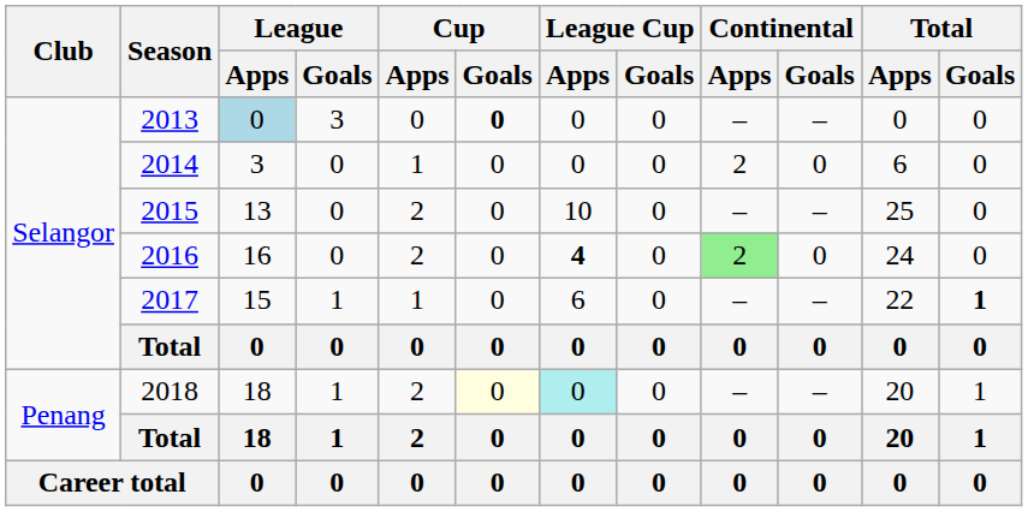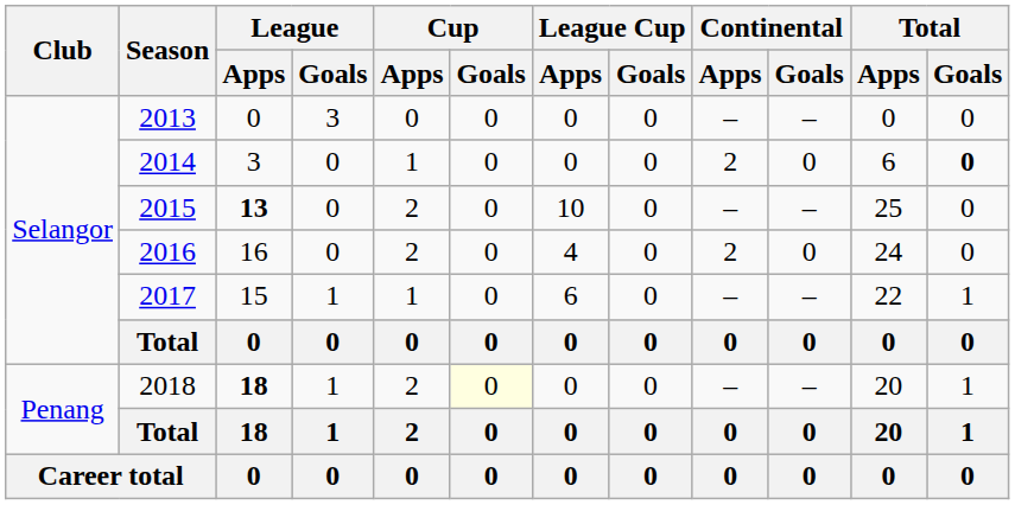 <table class="wikitable" style="text-align: center;">
 <tr>
 <th rowspan="2">Club</th>
 <th rowspan="2">Season</th>
 <th colspan="2">League</th>
 <th colspan="2">Cup</th>
 <th colspan="2">League Cup</th>
 <th colspan="2">Continental</th>
 <th colspan="2">Total</th>
 </tr>
 <tr>
 <th>Apps</th>
 <th>Goals</th>
 <th>Apps</th>
 <th>Goals</th>
 <th>Apps</th>
 <th>Goals</th>
 <th>Apps</th>
 <th>Goals</th>
 <th>Apps</th>
 <th>Goals</th>
 </tr>
 <tr>
 <td rowspan="6" valign="center"><a href='#'>Selangor</a></td>
 <td><a href='#'>2013</a></td>
-<td style="background: lightblue;">0</td>
+<td>0</td>
 <td>3</td>
 <td>0</td>
-<td><strong>0</strong></td>
+<td>0</td>
 <td>0</td>
 <td>0</td>
 <td>–</td>
 <td>–</td>
 <td>0</td>
 <td>0</td>
 </tr>
 <tr>
 <td><a href='#'>2014</a></td>
 <td>3</td>
 <td>0</td>
 <td>1</td>
 <td>0</td>
 <td>0</td>
 <td>0</td>
 <td>2</td>
 <td>0</td>
 <td>6</td>
-<td>0</td>
+<td><strong>0</strong></td>
 </tr>
 <tr>
 <td><a href='#'>2015</a></td>
-<td>13</td>
+<td><strong>13</strong></td>
 <td>0</td>
 <td>2</td>
 <td>0</td>
 <td>10</td>
 <td>0</td>
 <td>–</td>
 <td>–</td>
 <td>25</td>
 <td>0</td>
 </tr>
 <tr>
 <td><a href='#'>2016</a></td>
 <td>16</td>
 <td>0</td>
 <td>2</td>
 <td>0</td>
-<td><strong>4</strong></td>
+<td>4</td>
 <td>0</td>
-<td style="background: lightgreen;">2</td>
+<td>2</td>
 <td>0</td>
 <td>24</td>
 <td>0</td>
 </tr>
 <tr>
 <td><a href='#'>2017</a></td>
 <td>15</td>
 <td>1</td>
 <td>1</td>
 <td>0</td>
 <td>6</td>
 <td>0</td>
 <td>–</td>
 <td>–</td>
 <td>22</td>
-<td><strong>1</strong></td>
+<td>1</td>
 </tr>
 <tr>
 <th>Total</th>
 <th>0</th>
 <th>0</th>
 <th>0</th>
 <th>0</th>
 <th>0</th>
 <th>0</th>
 <th>0</th>
 <th>0</th>
 <th>0</th>
 <th>0</th>
 </tr>
 <tr>
 <td rowspan="2" valign="center"><a href='#'>Penang</a></td>
 <td>2018</td>
-<td>18</td>
+<td><strong>18</strong></td>
 <td>1</td>
 <td>2</td>
 <td style="background: lightyellow;">0</td>
-<td style="background: paleturquoise;">0</td>
+<td>0</td>
 <td>0</td>
 <td>–</td>
 <td>–</td>
 <td>20</td>
 <td>1</td>
 </tr>
 <tr>
 <th>Total</th>
 <th>18</th>
 <th>1</th>
 <th>2</th>
 <th>0</th>
 <th>0</th>
 <th>0</th>
 <th>0</th>
 <th>0</th>
 <th>20</th>
 <th>1</th>
 </tr>
 <tr>
 <th colspan=2>Career total</th>
 <th>0</th>
 <th>0</th>
 <th>0</th>
 <th>0</th>
 <th>0</th>
 <th>0</th>
 <th>0</th>
 <th>0</th>
 <th>0</th>
 <th>0</th>
 </tr>
 </table>
